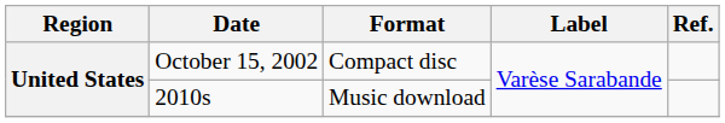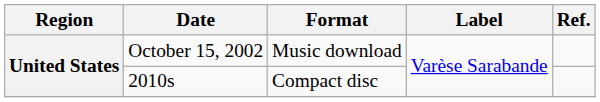 <table class="wikitable plainrowheaders">
 <tr>
 <th scope="col">Region</th>
 <th scope="col">Date</th>
 <th scope="col">Format</th>
 <th scope="col">Label</th>
 <th scope="col">Ref.</th>
 </tr>
 <tr>
 <th scope="row" rowspan="2">United States</th>
 <td>October 15, 2002</td>
-<td>Compact disc</td>
+<td>Music download</td>
 <td rowspan="2"><a href='#'>Varèse Sarabande</a></td>
 <td></td>
 </tr>
 <tr>
 <td>2010s</td>
-<td>Music download</td>
+<td>Compact disc</td>
 <td></td>
 </tr>
 <tr>
 </tr>
 </table>
